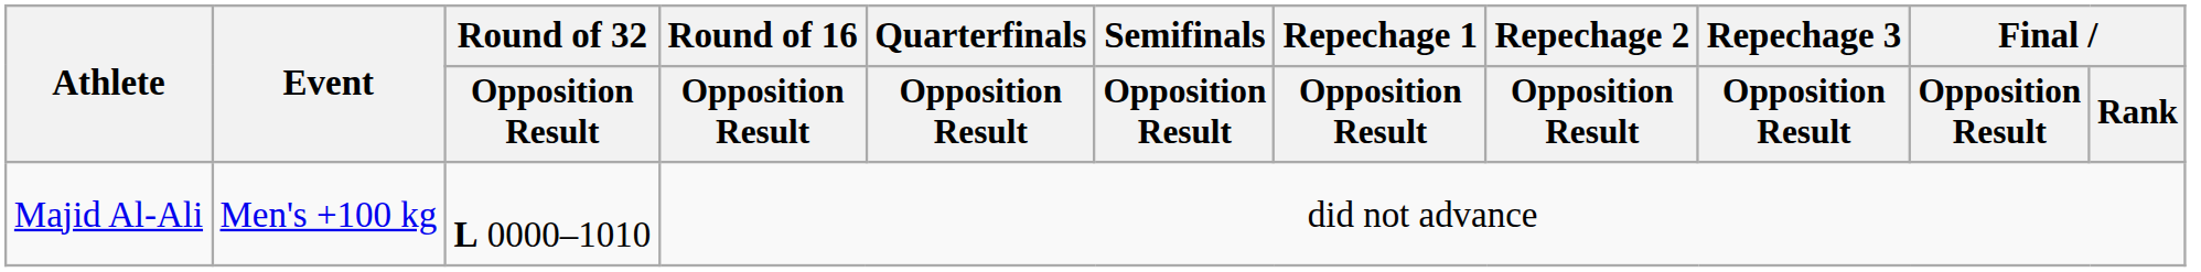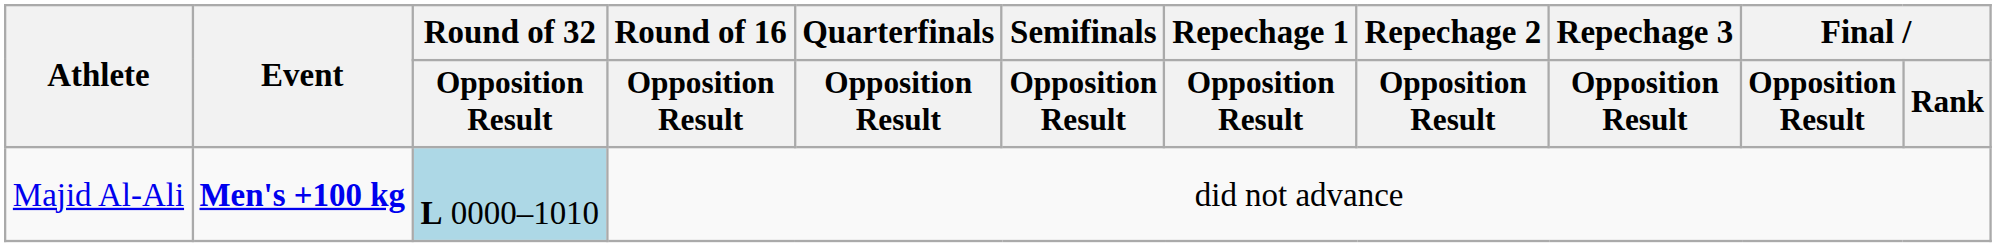 <table class="wikitable" style="font-size:90%">
 <tr>
 <th rowspan="2">Athlete</th>
 <th rowspan="2">Event</th>
 <th>Round of 32</th>
 <th>Round of 16</th>
 <th>Quarterfinals</th>
 <th>Semifinals</th>
 <th>Repechage 1</th>
 <th>Repechage 2</th>
 <th>Repechage 3</th>
 <th colspan=2>Final / </th>
 </tr>
 <tr style="font-size:95%">
 <th>Opposition<br>Result</th>
 <th>Opposition<br>Result</th>
 <th>Opposition<br>Result</th>
 <th>Opposition<br>Result</th>
 <th>Opposition<br>Result</th>
 <th>Opposition<br>Result</th>
 <th>Opposition<br>Result</th>
 <th>Opposition<br>Result</th>
 <th>Rank</th>
 </tr>
 <tr align=center>
 <td align=left><a href='#'>Majid Al-Ali</a></td>
-<td align=left><a href='#'>Men's +100 kg</a></td>
-<td><br><strong>L</strong> 0000–1010</td>
+<td align=left><strong><a href='#'>Men's +100 kg</a></strong></td>
+<td style="background: lightblue;"><br><strong>L</strong> 0000–1010</td>
 <td colspan=8>did not advance</td>
 </tr>
 </table>
